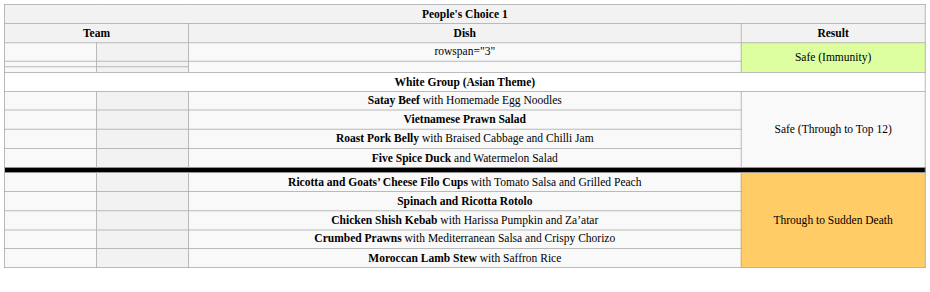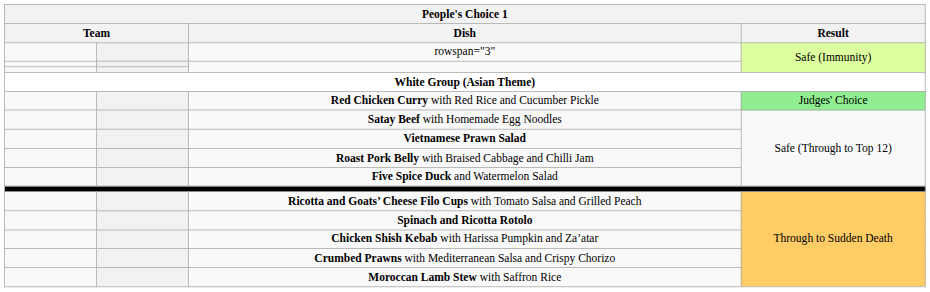 <table class="wikitable plainrowheaders" style="margin: 1em auto; text-align:center; font-size:90%; width:80em;">
 <tr>
 <th colspan="4" >People's Choice 1</th>
 </tr>
 <tr>
 <th style="width:20%;" colspan="2">Team</th>
 <th style="width:60%;">Dish</th>
 <th style="width:20%;">Result</th>
 </tr>
 <tr>
 <td></td>
 <th style="text-align:centre"></th>
 <td>rowspan="3" </td>
 <td rowspan="3" bgcolor="DDFF9F">Safe (Immunity)</td>
 </tr>
 <tr>
 <td></td>
 <th style="text-align:centre"></th>
 </tr>
 <tr>
 <td></td>
 <th style="text-align:centre"></th>
 </tr>
 <tr>
 <th style="background:white" colspan="4">White Group (Asian Theme)</th>
+</tr>
+<tr>
+<td></td>
+<th style="text-align:centre"></th>
+<td><strong>Red Chicken Curry</strong> with Red Rice and Cucumber Pickle</td>
+<td style="background:lightgreen">Judges' Choice</td>
 </tr>
 <tr>
 <td></td>
 <th style="text-align:centre"></th>
 <td><strong>Satay Beef</strong> with Homemade Egg Noodles</td>
 <td rowspan="4">Safe (Through to Top 12)</td>
 </tr>
 <tr>
 <td></td>
 <th style="text-align:centre"></th>
 <td><strong>Vietnamese Prawn Salad</strong></td>
 </tr>
 <tr>
 <td></td>
 <th style="text-align:centre"></th>
 <td><strong>Roast Pork Belly</strong> with Braised Cabbage and Chilli Jam</td>
 </tr>
 <tr>
 <td></td>
 <th style="text-align:centre"></th>
 <td><strong>Five Spice Duck</strong> and Watermelon Salad</td>
 </tr>
 <tr>
 <th style="background:black" colspan="4"></th>
 </tr>
 <tr>
 <td></td>
 <th style="text-align:centre"></th>
 <td><strong>Ricotta and Goats’ Cheese Filo Cups</strong> with Tomato Salsa and Grilled Peach</td>
 <td rowspan="5" bgcolor="FFCC66">Through to Sudden Death</td>
 </tr>
 <tr>
 <td></td>
 <th style="text-align:centre"></th>
 <td><strong>Spinach and Ricotta Rotolo</strong></td>
 </tr>
 <tr>
 <td></td>
 <th style="text-align:centre"></th>
 <td><strong>Chicken Shish Kebab</strong> with Harissa Pumpkin and Za’atar</td>
 </tr>
 <tr>
 <td></td>
 <th style="text-align:centre"></th>
 <td><strong>Crumbed Prawns</strong> with Mediterranean Salsa and Crispy Chorizo</td>
 </tr>
 <tr>
 <td></td>
 <th style="text-align:centre"></th>
 <td><strong>Moroccan Lamb Stew</strong> with Saffron Rice</td>
 </tr>
 </table>
